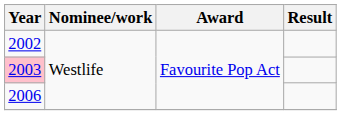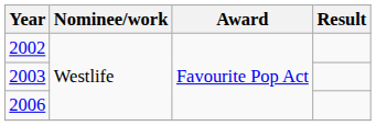 <table class="wikitable">
 <tr>
 <th>Year</th>
 <th>Nominee/work</th>
 <th>Award</th>
 <th>Result</th>
 </tr>
 <tr>
 <td><a href='#'>2002</a></td>
 <td rowspan="3">Westlife</td>
 <td rowspan="3"><a href='#'>Favourite Pop Act</a></td>
 <td></td>
 </tr>
 <tr>
-<td style="background: pink;"><a href='#'>2003</a></td>
+<td><a href='#'>2003</a></td>
 <td></td>
 </tr>
 <tr>
 <td><a href='#'>2006</a></td>
 <td></td>
 </tr>
 <tr>
 </tr>
 </table>
